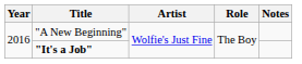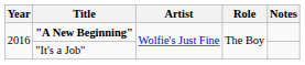 <table class="wikitable">
 <tr>
 <th>Year</th>
 <th>Title</th>
 <th>Artist</th>
 <th>Role</th>
 <th>Notes</th>
 </tr>
 <tr>
 <td rowspan="2">2016</td>
-<td>"A New Beginning"</td>
+<td><strong>"A New Beginning"</strong></td>
 <td rowspan="2"><a href='#'>Wolfie's Just Fine</a></td>
 <td rowspan="2">The Boy</td>
 <td></td>
 </tr>
 <tr>
-<td><strong>"It's a Job"</strong></td>
+<td>"It's a Job"</td>
 <td></td>
 </tr>
 </table>
